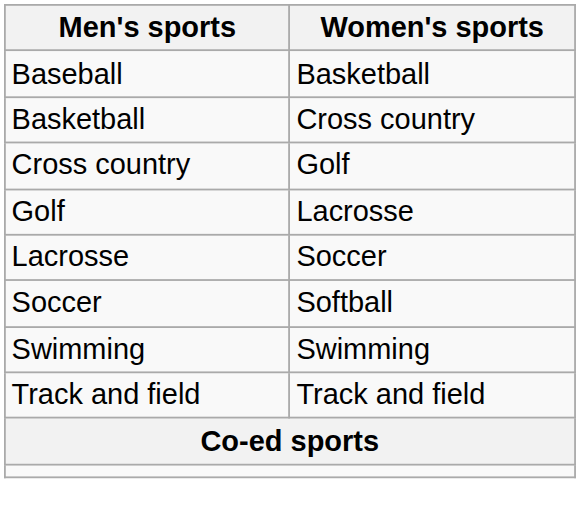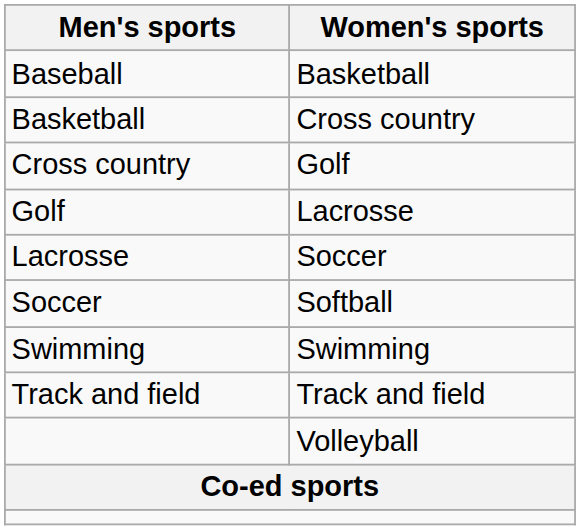 <table class="wikitable"; style= "text-align: ">
 <tr>
 <th width=150px>Men's sports</th>
 <th width=150px>Women's sports</th>
 </tr>
 <tr>
 <td>Baseball</td>
 <td>Basketball</td>
 </tr>
 <tr>
 <td>Basketball</td>
 <td>Cross country</td>
 </tr>
 <tr>
 <td>Cross country</td>
 <td>Golf</td>
 </tr>
 <tr>
 <td>Golf</td>
 <td>Lacrosse</td>
 </tr>
 <tr>
 <td>Lacrosse</td>
 <td>Soccer</td>
 </tr>
 <tr>
 <td>Soccer</td>
 <td>Softball</td>
 </tr>
 <tr>
 <td>Swimming</td>
 <td>Swimming</td>
 </tr>
 <tr>
 <td>Track and field</td>
 <td>Track and field</td>
 </tr>
 <tr>
+<td></td>
+<td>Volleyball</td>
+</tr>
+<tr>
 <th colspan=2>Co-ed sports</th>
 </tr>
 <tr>
 <td colspan=2></td>
 </tr>
 </table>
